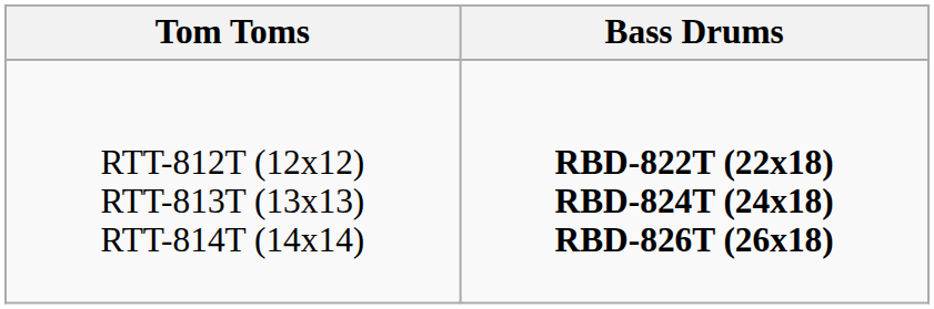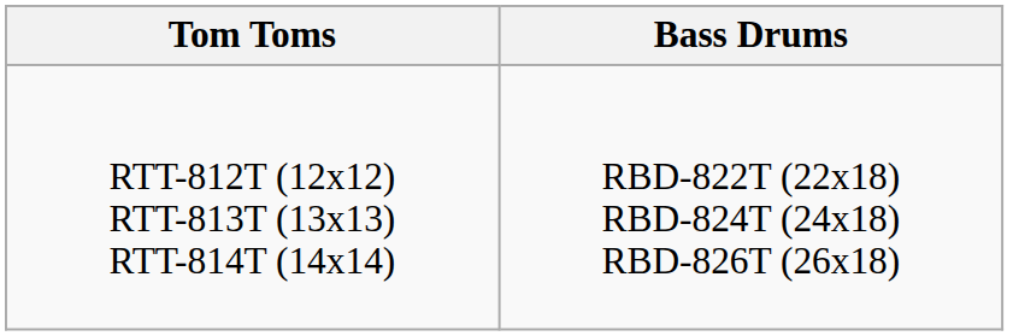 <table class="wikitable">
 <tr>
 <th>Tom Toms</th>
 <th>Bass Drums</th>
 </tr>
 <tr>
 <td><blockquote><br>RTT-812T (12x12)<br> RTT-813T (13x13)<br> RTT-814T (14x14)<br> </blockquote></td>
-<td><strong><blockquote><br>RBD-822T (22x18)<br> RBD-824T (24x18)<br> RBD-826T (26x18)<br> </blockquote></strong></td>
+<td><blockquote><br>RBD-822T (22x18)<br> RBD-824T (24x18)<br> RBD-826T (26x18)<br> </blockquote></td>
 </tr>
 </table>
